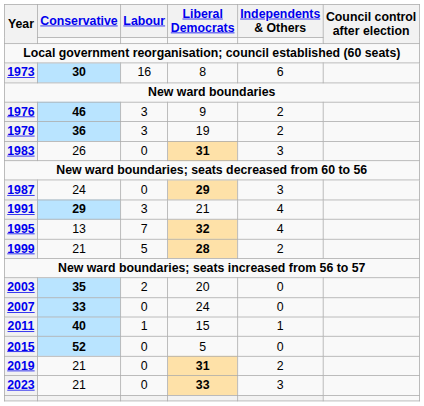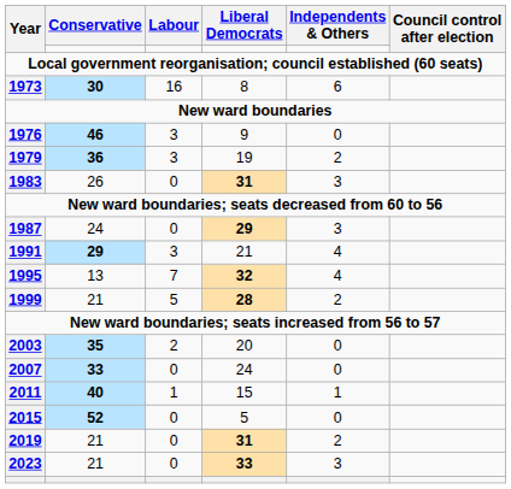 <table class="wikitable plainrowheaders" style="text-align:center">
 <tr>
 <th scope="col" rowspan="2">Year</th>
 <th scope="col"><a href='#'>Conservative</a></th>
 <th scope="col"><a href='#'>Labour</a></th>
 <th scope="col" style="width:1px"><a href='#'>Liberal Democrats</a></th>
 <th scope="col"><a href='#'>Independents</a><br>& Others</th>
 <th scope="col" rowspan="2" colspan="2">Council control<br>after election</th>
 </tr>
 <tr>
 <td style="background:"></td>
 <td style="background:"></td>
 <td style="background:"></td>
 <td style="background:"></td>
 </tr>
 <tr>
 <td colspan="9"><strong>Local government reorganisation; council established (60 seats)</strong></td>
 </tr>
 <tr>
 <th scope="row"><a href='#'>1973</a></th>
 <td style="background:#B9E4FF;"><strong>30</strong></td>
 <td>16</td>
 <td>8</td>
 <td>6</td>
 <td></td>
 </tr>
 <tr>
 <td colspan="9"><strong>New ward boundaries</strong></td>
 </tr>
 <tr>
 <th scope="row"><a href='#'>1976</a></th>
 <td style="background:#B9E4FF;"><strong>46</strong></td>
 <td>3</td>
 <td>9</td>
-<td>2</td>
+<td>0</td>
 <td></td>
 </tr>
 <tr>
 <th scope="row"><a href='#'>1979</a></th>
 <td style="background:#B9E4FF;"><strong>36</strong></td>
 <td>3</td>
 <td>19</td>
 <td>2</td>
 <td></td>
 </tr>
 <tr>
 <th scope="row"><a href='#'>1983</a></th>
 <td>26</td>
 <td>0</td>
 <td style="background:#FEE1A8"><strong>31</strong></td>
 <td>3</td>
 <td></td>
 </tr>
 <tr>
 <td colspan="9"><strong>New ward boundaries; seats decreased from 60 to 56</strong></td>
 </tr>
 <tr>
 <th scope="row"><a href='#'>1987</a></th>
 <td>24</td>
 <td>0</td>
 <td style="background:#FEE1A8"><strong>29</strong></td>
 <td>3</td>
 <td></td>
 </tr>
 <tr>
 <th scope="row"><a href='#'>1991</a></th>
 <td style="background:#B9E4FF;"><strong>29</strong></td>
 <td>3</td>
 <td>21</td>
 <td>4</td>
 <td></td>
 </tr>
 <tr>
 <th scope="row"><a href='#'>1995</a></th>
 <td>13</td>
 <td>7</td>
 <td style="background:#FEE1A8"><strong>32</strong></td>
 <td>4</td>
 <td></td>
 </tr>
 <tr>
 <th scope="row"><a href='#'>1999</a></th>
 <td>21</td>
 <td>5</td>
 <td style="background:#FEE1A8"><strong>28</strong></td>
 <td>2</td>
 <td></td>
 </tr>
 <tr>
 <td colspan="9"><strong>New ward boundaries; seats increased from 56 to 57</strong></td>
 </tr>
 <tr>
 <th scope="row"><a href='#'>2003</a></th>
 <td style="background:#B9E4FF;"><strong>35</strong></td>
 <td>2</td>
 <td>20</td>
 <td>0</td>
 <td></td>
 </tr>
 <tr>
 <th scope="row"><a href='#'>2007</a></th>
 <td style="background:#B9E4FF;"><strong>33</strong></td>
 <td>0</td>
 <td>24</td>
 <td>0</td>
 <td></td>
 </tr>
 <tr>
 <th scope="row"><a href='#'>2011</a></th>
 <td style="background:#B9E4FF;"><strong>40</strong></td>
 <td>1</td>
 <td>15</td>
 <td>1</td>
 <td></td>
 </tr>
 <tr>
 <th scope="row"><a href='#'>2015</a></th>
 <td style="background:#B9E4FF;"><strong>52</strong></td>
 <td>0</td>
 <td>5</td>
 <td>0</td>
 <td></td>
 </tr>
 <tr>
 <th scope="row"><a href='#'>2019</a></th>
 <td>21</td>
 <td>0</td>
 <td style="background:#FEE1A8"><strong>31</strong></td>
 <td>2</td>
 <td></td>
 </tr>
 <tr>
 <th scope="row"><a href='#'>2023</a></th>
 <td>21</td>
 <td>0</td>
 <td style="background:#FEE1A8"><strong>33</strong></td>
 <td>3</td>
 <td></td>
 </tr>
 <tr>
 <th></th>
 <th style="background-color: "></th>
 <th style="background-color: "></th>
 <th style="background-color: "></th>
 <th style="background-color: "></th>
 </tr>
 </table>
